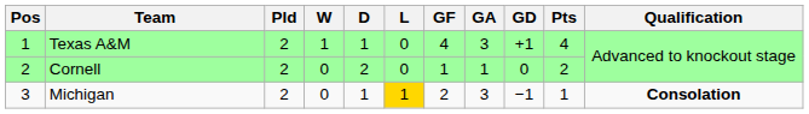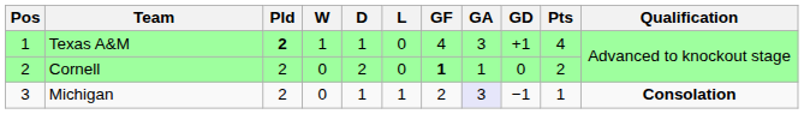 <table class="wikitable" style="text-align:center; margin: 1em auto">
 <tr>
 <th style="width:2em">Pos</th>
 <th style="width:13em">Team</th>
 <th style="width:2em">Pld</th>
 <th style="width:2em">W</th>
 <th style="width:2em">D</th>
 <th style="width:2em">L</th>
 <th style="width:2em">GF</th>
 <th style="width:2em">GA</th>
 <th style="width:2em">GD</th>
 <th style="width:2em">Pts</th>
 <th style="width:13em">Qualification</th>
 </tr>
 <tr bgcolor="#9eff9e">
 <td>1</td>
 <td style="text-align:left">Texas A&M</td>
-<td>2</td>
+<td><strong>2</strong></td>
 <td>1</td>
 <td>1</td>
 <td>0</td>
 <td>4</td>
 <td>3</td>
 <td>+1</td>
 <td>4</td>
 <td rowspan="2">Advanced to knockout stage</td>
 </tr>
 <tr bgcolor="#9eff9e">
 <td>2</td>
 <td style="text-align:left">Cornell</td>
 <td>2</td>
 <td>0</td>
 <td>2</td>
 <td>0</td>
-<td>1</td>
+<td><strong>1</strong></td>
 <td>1</td>
 <td>0</td>
 <td>2</td>
 </tr>
 <tr>
 <td>3</td>
 <td style="text-align:left">Michigan</td>
 <td>2</td>
 <td>0</td>
 <td>1</td>
-<td style="background: gold;">1</td>
+<td>1</td>
 <td>2</td>
-<td>3</td>
+<td style="background: lavender;">3</td>
 <td>−1</td>
 <td>1</td>
 <td><strong>Consolation</strong></td>
 </tr>
 </table>
